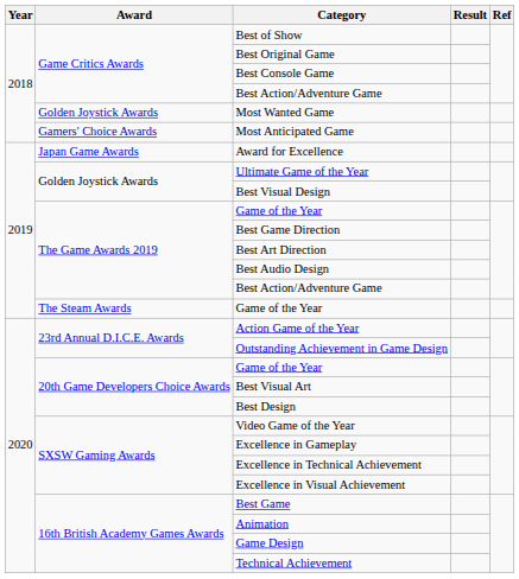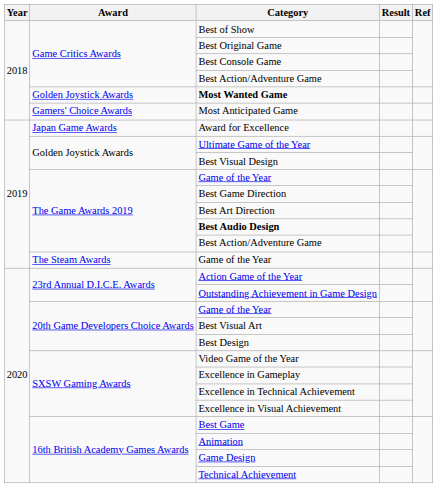 <table class="wikitable sortable">
 <tr>
 <th>Year</th>
 <th>Award</th>
 <th>Category</th>
 <th>Result</th>
 <th>Ref</th>
 </tr>
 <tr>
 <td rowspan="6" style="text-align:center;">2018</td>
 <td rowspan="4"><a href='#'>Game Critics Awards</a></td>
 <td>Best of Show</td>
 <td></td>
 <td rowspan="4" style="text-align:center;"></td>
 </tr>
 <tr>
 <td>Best Original Game</td>
 <td></td>
 </tr>
 <tr>
 <td>Best Console Game</td>
 <td></td>
 </tr>
 <tr>
 <td>Best Action/Adventure Game</td>
 <td></td>
 </tr>
 <tr>
 <td><a href='#'>Golden Joystick Awards</a></td>
-<td>Most Wanted Game</td>
+<td><strong>Most Wanted Game</strong></td>
 <td></td>
 <td style="text-align:center;"></td>
 </tr>
 <tr>
 <td><a href='#'>Gamers' Choice Awards</a></td>
 <td>Most Anticipated Game</td>
 <td></td>
 <td style="text-align:center;"></td>
 </tr>
 <tr>
 <td rowspan="9" style="text-align:center;">2019</td>
 <td><a href='#'>Japan Game Awards</a></td>
 <td>Award for Excellence</td>
 <td></td>
 <td style="text-align:center;"></td>
 </tr>
 <tr>
 <td rowspan="2">Golden Joystick Awards</td>
 <td><a href='#'>Ultimate Game of the Year</a></td>
 <td></td>
 <td rowspan="2" style="text-align:center;"></td>
 </tr>
 <tr>
 <td>Best Visual Design</td>
 <td></td>
 </tr>
 <tr>
 <td rowspan="5"><a href='#'>The Game Awards 2019</a></td>
 <td><a href='#'>Game of the Year</a></td>
 <td></td>
 <td rowspan="5" style="text-align:center;"></td>
 </tr>
 <tr>
 <td>Best Game Direction</td>
 <td></td>
 </tr>
 <tr>
 <td>Best Art Direction</td>
 <td></td>
 </tr>
 <tr>
-<td>Best Audio Design</td>
+<td><strong>Best Audio Design</strong></td>
 <td></td>
 </tr>
 <tr>
 <td>Best Action/Adventure Game</td>
 <td></td>
 </tr>
 <tr>
 <td><a href='#'>The Steam Awards</a></td>
 <td>Game of the Year</td>
 <td></td>
 <td style="text-align:center;"></td>
 </tr>
 <tr>
 <td rowspan="13" style="text-align:center;">2020</td>
 <td rowspan="2"><a href='#'>23rd Annual D.I.C.E. Awards</a></td>
 <td><a href='#'>Action Game of the Year</a></td>
 <td></td>
 <td rowspan="2" style="text-align:center;"></td>
 </tr>
 <tr>
 <td><a href='#'>Outstanding Achievement in Game Design</a></td>
 <td></td>
 </tr>
 <tr>
 <td rowspan="3"><a href='#'>20th Game Developers Choice Awards</a></td>
 <td><a href='#'>Game of the Year</a></td>
 <td></td>
 <td rowspan="3" style="text-align:center;"></td>
 </tr>
 <tr>
 <td>Best Visual Art</td>
 <td></td>
 </tr>
 <tr>
 <td>Best Design</td>
 <td></td>
 </tr>
 <tr>
 <td rowspan="4"><a href='#'>SXSW Gaming Awards</a></td>
 <td>Video Game of the Year</td>
 <td></td>
 <td rowspan="4" style="text-align:center;"></td>
 </tr>
 <tr>
 <td>Excellence in Gameplay</td>
 <td></td>
 </tr>
 <tr>
 <td>Excellence in Technical Achievement</td>
 <td></td>
 </tr>
 <tr>
 <td>Excellence in Visual Achievement</td>
 <td></td>
 </tr>
 <tr>
 <td rowspan="4"><a href='#'>16th British Academy Games Awards</a></td>
 <td><a href='#'>Best Game</a></td>
 <td></td>
 <td rowspan="4" style="text-align:center;"></td>
 </tr>
 <tr>
 <td><a href='#'>Animation</a></td>
 <td></td>
 </tr>
 <tr>
 <td><a href='#'>Game Design</a></td>
 <td></td>
 </tr>
 <tr>
 <td><a href='#'>Technical Achievement</a></td>
 <td></td>
 </tr>
 </table>
